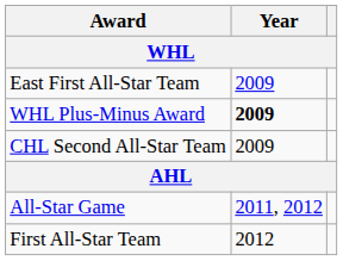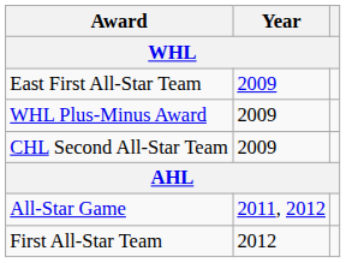 <table class=wikitable style="text-align:left;">
 <tr>
 <th>Award</th>
 <th>Year</th>
 <th></th>
 </tr>
 <tr>
 <th colspan="3"><a href='#'>WHL</a></th>
 </tr>
 <tr>
 <td>East First All-Star Team</td>
 <td><a href='#'>2009</a></td>
 <td></td>
 </tr>
 <tr>
 <td><a href='#'>WHL Plus-Minus Award</a></td>
-<td><strong>2009</strong></td>
+<td>2009</td>
 <td></td>
 </tr>
 <tr>
 <td><a href='#'>CHL</a> Second All-Star Team</td>
 <td>2009</td>
 <td></td>
 </tr>
 <tr>
 <th colspan="3"><a href='#'>AHL</a></th>
 </tr>
 <tr>
 <td><a href='#'>All-Star Game</a></td>
 <td><a href='#'>2011</a>, <a href='#'>2012</a></td>
 <td></td>
 </tr>
 <tr>
 <td>First All-Star Team</td>
 <td>2012</td>
 <td></td>
 </tr>
 </table>
